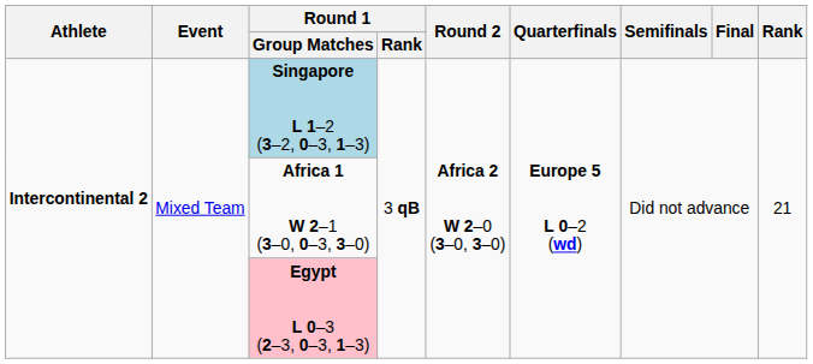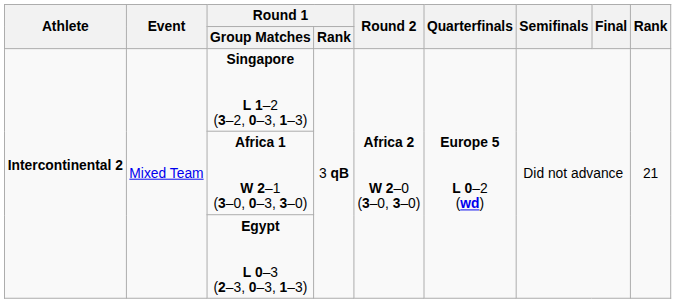 <table class="wikitable" border="1" style="font-size:90%">
 <tr>
 <th rowspan=2>Athlete</th>
 <th rowspan=2>Event</th>
 <th colspan=2>Round 1</th>
 <th rowspan=2>Round 2</th>
 <th rowspan=2>Quarterfinals</th>
 <th rowspan=2>Semifinals</th>
 <th rowspan=2>Final</th>
 <th rowspan=2>Rank</th>
 </tr>
 <tr>
 <th>Group Matches</th>
 <th>Rank</th>
 </tr>
 <tr>
 <td rowspan=3><strong>Intercontinental 2</strong><br><br></td>
 <td rowspan=3><a href='#'>Mixed Team</a></td>
-<td align=center style="background: lightblue;"><strong>Singapore</strong><br><br><br> <strong>L</strong> <strong>1</strong>–2 <br> (<strong>3</strong>–2, <strong>0</strong>–3, <strong>1</strong>–3)</td>
+<td align=center><strong>Singapore</strong><br><br><br> <strong>L</strong> <strong>1</strong>–2 <br> (<strong>3</strong>–2, <strong>0</strong>–3, <strong>1</strong>–3)</td>
 <td rowspan=3 align=center>3 <strong>qB</strong></td>
 <td align=center rowspan=3><strong>Africa 2</strong><br><br><br> <strong>W</strong> <strong>2</strong>–0 <br> (<strong>3</strong>–0, <strong>3</strong>–0)</td>
 <td align=center rowspan=3><strong>Europe 5</strong><br><br><br> <strong>L</strong> <strong>0</strong>–2 <br> (<strong><a href='#'>wd</a></strong>)</td>
 <td rowspan=3 colspan=2 align=center>Did not advance</td>
 <td rowspan=3 align=center>21</td>
 </tr>
 <tr>
 <td align=center><strong>Africa 1</strong><br><br><br> <strong>W</strong> <strong>2</strong>–1 <br> (<strong>3</strong>–0, <strong>0</strong>–3, <strong>3</strong>–0)</td>
 </tr>
 <tr>
-<td align=center style="background: pink;"><strong>Egypt</strong><br><br><br> <strong>L</strong> <strong>0</strong>–3 <br> (<strong>2</strong>–3, <strong>0</strong>–3, <strong>1</strong>–3)</td>
+<td align=center><strong>Egypt</strong><br><br><br> <strong>L</strong> <strong>0</strong>–3 <br> (<strong>2</strong>–3, <strong>0</strong>–3, <strong>1</strong>–3)</td>
 </tr>
 </table>
